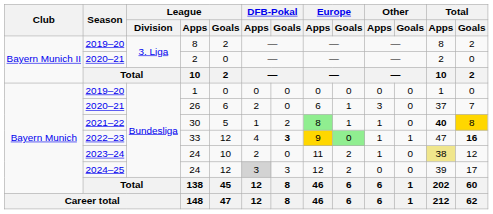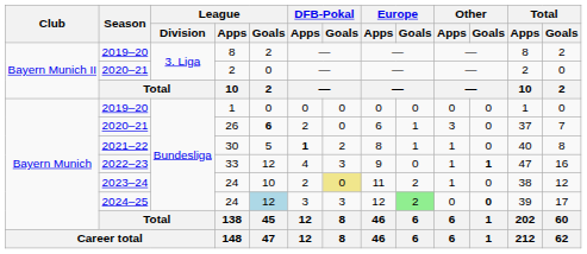 <table class=wikitable style="text-align: center;">
 <tr>
 <th rowspan="2">Club</th>
 <th rowspan="2">Season</th>
 <th colspan="3">League</th>
 <th colspan="2"><a href='#'>DFB-Pokal</a></th>
 <th colspan="2"><a href='#'>Europe</a></th>
 <th colspan="2">Other</th>
 <th colspan="2">Total</th>
 </tr>
 <tr>
 <th>Division</th>
 <th>Apps</th>
 <th>Goals</th>
 <th>Apps</th>
 <th>Goals</th>
 <th>Apps</th>
 <th>Goals</th>
 <th>Apps</th>
 <th>Goals</th>
 <th>Apps</th>
 <th>Goals</th>
 </tr>
 <tr>
 <td rowspan="3"><a href='#'>Bayern Munich II</a></td>
 <td><a href='#'>2019–20</a></td>
 <td rowspan="2"><a href='#'>3. Liga</a></td>
 <td>8</td>
 <td>2</td>
 <td colspan="2">—</td>
 <td colspan="2">—</td>
 <td colspan="2">—</td>
 <td>8</td>
 <td>2</td>
 </tr>
 <tr>
 <td><a href='#'>2020–21</a></td>
 <td>2</td>
 <td>0</td>
 <td colspan="2">—</td>
 <td colspan="2">—</td>
 <td colspan="2">—</td>
 <td>2</td>
 <td>0</td>
 </tr>
 <tr>
 <th colspan="2">Total</th>
 <th>10</th>
 <th>2</th>
 <th colspan="2">—</th>
 <th colspan="2">—</th>
 <th colspan="2">—</th>
 <th>10</th>
 <th>2</th>
 </tr>
 <tr>
 <td rowspan="7"><a href='#'>Bayern Munich</a></td>
 <td><a href='#'>2019–20</a></td>
 <td rowspan="6"><a href='#'>Bundesliga</a></td>
 <td>1</td>
 <td>0</td>
 <td>0</td>
 <td>0</td>
 <td>0</td>
 <td>0</td>
 <td>0</td>
 <td>0</td>
 <td>1</td>
 <td>0</td>
 </tr>
 <tr>
 <td><a href='#'>2020–21</a></td>
 <td>26</td>
-<td>6</td>
+<td><strong>6</strong></td>
 <td>2</td>
 <td>0</td>
 <td>6</td>
 <td>1</td>
 <td>3</td>
 <td>0</td>
 <td>37</td>
 <td>7</td>
 </tr>
 <tr>
 <td><a href='#'>2021–22</a></td>
 <td>30</td>
 <td>5</td>
-<td>1</td>
+<td><strong>1</strong></td>
 <td>2</td>
-<td style="background: lightgreen;">8</td>
+<td>8</td>
 <td>1</td>
 <td>1</td>
 <td>0</td>
-<td><strong>40</strong></td>
-<td style="background: gold;">8</td>
+<td>40</td>
+<td>8</td>
 </tr>
 <tr>
 <td><a href='#'>2022–23</a></td>
 <td>33</td>
 <td>12</td>
 <td>4</td>
-<td><strong>3</strong></td>
-<td style="background: gold;">9</td>
-<td style="background: lightgreen;">0</td>
+<td>3</td>
+<td>9</td>
+<td>0</td>
 <td>1</td>
-<td>1</td>
+<td><strong>1</strong></td>
 <td>47</td>
-<td><strong>16</strong></td>
+<td>16</td>
 </tr>
 <tr>
 <td><a href='#'>2023–24</a></td>
 <td>24</td>
 <td>10</td>
 <td>2</td>
-<td>0</td>
+<td style="background: khaki;">0</td>
 <td>11</td>
 <td>2</td>
 <td>1</td>
 <td>0</td>
-<td style="background: khaki;">38</td>
+<td>38</td>
 <td>12</td>
 </tr>
 <tr>
 <td><a href='#'>2024–25</a></td>
 <td>24</td>
-<td>12</td>
-<td style="background: lightgrey;">3</td>
+<td style="background: lightblue;">12</td>
+<td>3</td>
 <td>3</td>
 <td>12</td>
-<td>2</td>
+<td style="background: lightgreen;">2</td>
 <td>0</td>
-<td>0</td>
+<td><strong>0</strong></td>
 <td>39</td>
 <td>17</td>
 </tr>
 <tr>
 <th colspan="2">Total</th>
 <th>138</th>
 <th>45</th>
 <th>12</th>
 <th>8</th>
 <th>46</th>
 <th>6</th>
 <th>6</th>
 <th>1</th>
 <th>202</th>
 <th>60</th>
 </tr>
 <tr>
 <th colspan="3">Career total</th>
 <th>148</th>
 <th>47</th>
 <th>12</th>
 <th>8</th>
 <th>46</th>
 <th>6</th>
 <th>6</th>
 <th>1</th>
 <th>212</th>
 <th>62</th>
 </tr>
 </table>
